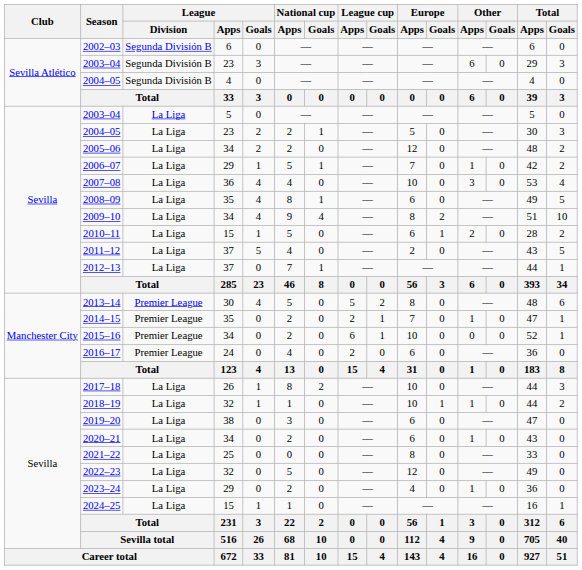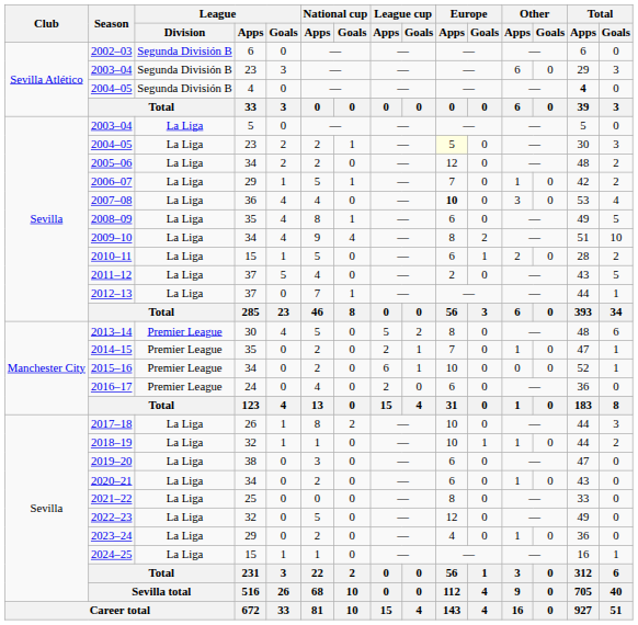 <table class="wikitable" style="text-align:center">
 <tr>
 <th rowspan="2">Club</th>
 <th rowspan="2">Season</th>
 <th colspan="3">League</th>
 <th colspan="2">National cup</th>
 <th colspan="2">League cup</th>
 <th colspan="2">Europe</th>
 <th colspan="2">Other</th>
 <th colspan="2">Total</th>
 </tr>
 <tr>
 <th>Division</th>
 <th>Apps</th>
 <th>Goals</th>
 <th>Apps</th>
 <th>Goals</th>
 <th>Apps</th>
 <th>Goals</th>
 <th>Apps</th>
 <th>Goals</th>
 <th>Apps</th>
 <th>Goals</th>
 <th>Apps</th>
 <th>Goals</th>
 </tr>
 <tr>
 <td rowspan="4"><a href='#'>Sevilla Atlético</a></td>
 <td><a href='#'>2002–03</a></td>
 <td><a href='#'>Segunda División B</a></td>
 <td>6</td>
 <td>0</td>
 <td colspan="2">—</td>
 <td colspan="2">—</td>
 <td colspan="2">—</td>
 <td colspan="2">—</td>
 <td>6</td>
 <td>0</td>
 </tr>
 <tr>
 <td><a href='#'>2003–04</a></td>
 <td>Segunda División B</td>
 <td>23</td>
 <td>3</td>
 <td colspan="2">—</td>
 <td colspan="2">—</td>
 <td colspan="2">—</td>
 <td>6</td>
 <td>0</td>
 <td>29</td>
 <td>3</td>
 </tr>
 <tr>
 <td><a href='#'>2004–05</a></td>
 <td>Segunda División B</td>
 <td>4</td>
 <td>0</td>
 <td colspan="2">—</td>
 <td colspan="2">—</td>
 <td colspan="2">—</td>
 <td colspan="2">—</td>
-<td>4</td>
+<td><strong>4</strong></td>
 <td>0</td>
 </tr>
 <tr>
 <th colspan="2">Total</th>
 <th>33</th>
 <th>3</th>
 <th>0</th>
 <th>0</th>
 <th>0</th>
 <th>0</th>
 <th>0</th>
 <th>0</th>
 <th>6</th>
 <th>0</th>
 <th>39</th>
 <th>3</th>
 </tr>
 <tr>
 <td rowspan="11"><a href='#'>Sevilla</a></td>
 <td><a href='#'>2003–04</a></td>
 <td><a href='#'>La Liga</a></td>
 <td>5</td>
 <td>0</td>
 <td colspan="2">—</td>
 <td colspan="2">—</td>
 <td colspan="2">—</td>
 <td colspan="2">—</td>
 <td>5</td>
 <td>0</td>
 </tr>
 <tr>
 <td><a href='#'>2004–05</a></td>
 <td>La Liga</td>
 <td>23</td>
 <td>2</td>
 <td>2</td>
 <td>1</td>
 <td colspan="2">—</td>
-<td>5</td>
+<td style="background: lightyellow;">5</td>
 <td>0</td>
 <td colspan="2">—</td>
 <td>30</td>
 <td>3</td>
 </tr>
 <tr>
 <td><a href='#'>2005–06</a></td>
 <td>La Liga</td>
 <td>34</td>
 <td>2</td>
 <td>2</td>
 <td>0</td>
 <td colspan="2">—</td>
 <td>12</td>
 <td>0</td>
 <td colspan="2">—</td>
 <td>48</td>
 <td>2</td>
 </tr>
 <tr>
 <td><a href='#'>2006–07</a></td>
 <td>La Liga</td>
 <td>29</td>
 <td>1</td>
 <td>5</td>
 <td>1</td>
 <td colspan="2">—</td>
 <td>7</td>
 <td>0</td>
 <td>1</td>
 <td>0</td>
 <td>42</td>
 <td>2</td>
 </tr>
 <tr>
 <td><a href='#'>2007–08</a></td>
 <td>La Liga</td>
 <td>36</td>
 <td>4</td>
 <td>4</td>
 <td>0</td>
 <td colspan="2">—</td>
-<td>10</td>
+<td><strong>10</strong></td>
 <td>0</td>
 <td>3</td>
 <td>0</td>
 <td>53</td>
 <td>4</td>
 </tr>
 <tr>
 <td><a href='#'>2008–09</a></td>
 <td>La Liga</td>
 <td>35</td>
 <td>4</td>
 <td>8</td>
 <td>1</td>
 <td colspan="2">—</td>
 <td>6</td>
 <td>0</td>
 <td colspan="2">—</td>
 <td>49</td>
 <td>5</td>
 </tr>
 <tr>
 <td><a href='#'>2009–10</a></td>
 <td>La Liga</td>
 <td>34</td>
 <td>4</td>
 <td>9</td>
 <td>4</td>
 <td colspan="2">—</td>
 <td>8</td>
 <td>2</td>
 <td colspan="2">—</td>
 <td>51</td>
 <td>10</td>
 </tr>
 <tr>
 <td><a href='#'>2010–11</a></td>
 <td>La Liga</td>
 <td>15</td>
 <td>1</td>
 <td>5</td>
 <td>0</td>
 <td colspan="2">—</td>
 <td>6</td>
 <td>1</td>
 <td>2</td>
 <td>0</td>
 <td>28</td>
 <td>2</td>
 </tr>
 <tr>
 <td><a href='#'>2011–12</a></td>
 <td>La Liga</td>
 <td>37</td>
 <td>5</td>
 <td>4</td>
 <td>0</td>
 <td colspan="2">—</td>
 <td>2</td>
 <td>0</td>
 <td colspan="2">—</td>
 <td>43</td>
 <td>5</td>
 </tr>
 <tr>
 <td><a href='#'>2012–13</a></td>
 <td>La Liga</td>
 <td>37</td>
 <td>0</td>
 <td>7</td>
 <td>1</td>
 <td colspan="2">—</td>
 <td colspan="2">—</td>
 <td colspan="2">—</td>
 <td>44</td>
 <td>1</td>
 </tr>
 <tr>
 <th colspan="2">Total</th>
 <th>285</th>
 <th>23</th>
 <th>46</th>
 <th>8</th>
 <th>0</th>
 <th>0</th>
 <th>56</th>
 <th>3</th>
 <th>6</th>
 <th>0</th>
 <th>393</th>
 <th>34</th>
 </tr>
 <tr>
 <td rowspan="5"><a href='#'>Manchester City</a></td>
 <td><a href='#'>2013–14</a></td>
 <td><a href='#'>Premier League</a></td>
 <td>30</td>
 <td>4</td>
 <td>5</td>
 <td>0</td>
 <td>5</td>
 <td>2</td>
 <td>8</td>
 <td>0</td>
 <td colspan="2">—</td>
 <td>48</td>
 <td>6</td>
 </tr>
 <tr>
 <td><a href='#'>2014–15</a></td>
 <td>Premier League</td>
 <td>35</td>
 <td>0</td>
 <td>2</td>
 <td>0</td>
 <td>2</td>
 <td>1</td>
 <td>7</td>
 <td>0</td>
 <td>1</td>
 <td>0</td>
 <td>47</td>
 <td>1</td>
 </tr>
 <tr>
 <td><a href='#'>2015–16</a></td>
 <td>Premier League</td>
 <td>34</td>
 <td>0</td>
 <td>2</td>
 <td>0</td>
 <td>6</td>
 <td>1</td>
 <td>10</td>
 <td>0</td>
 <td>0</td>
 <td>0</td>
 <td>52</td>
 <td>1</td>
 </tr>
 <tr>
 <td><a href='#'>2016–17</a></td>
 <td>Premier League</td>
 <td>24</td>
 <td>0</td>
 <td>4</td>
 <td>0</td>
 <td>2</td>
 <td>0</td>
 <td>6</td>
 <td>0</td>
 <td colspan="2">—</td>
 <td>36</td>
 <td>0</td>
 </tr>
 <tr>
 <th colspan="2">Total</th>
 <th>123</th>
 <th>4</th>
 <th>13</th>
 <th>0</th>
 <th>15</th>
 <th>4</th>
 <th>31</th>
 <th>0</th>
 <th>1</th>
 <th>0</th>
 <th>183</th>
 <th>8</th>
 </tr>
 <tr>
 <td rowspan="10">Sevilla</td>
 <td><a href='#'>2017–18</a></td>
 <td>La Liga</td>
 <td>26</td>
 <td>1</td>
 <td>8</td>
 <td>2</td>
 <td colspan="2">—</td>
 <td>10</td>
 <td>0</td>
 <td colspan="2">—</td>
 <td>44</td>
 <td>3</td>
 </tr>
 <tr>
 <td><a href='#'>2018–19</a></td>
 <td>La Liga</td>
 <td>32</td>
 <td>1</td>
 <td>1</td>
 <td>0</td>
 <td colspan="2">—</td>
 <td>10</td>
 <td>1</td>
 <td>1</td>
 <td>0</td>
 <td>44</td>
 <td>2</td>
 </tr>
 <tr>
 <td><a href='#'>2019–20</a></td>
 <td>La Liga</td>
 <td>38</td>
 <td>0</td>
 <td>3</td>
 <td>0</td>
 <td colspan="2">—</td>
 <td>6</td>
 <td>0</td>
 <td colspan="2">—</td>
 <td>47</td>
 <td>0</td>
 </tr>
 <tr>
 <td><a href='#'>2020–21</a></td>
 <td>La Liga</td>
 <td>34</td>
 <td>0</td>
 <td>2</td>
 <td>0</td>
 <td colspan="2">—</td>
 <td>6</td>
 <td>0</td>
 <td>1</td>
 <td>0</td>
 <td>43</td>
 <td>0</td>
 </tr>
 <tr>
 <td><a href='#'>2021–22</a></td>
 <td>La Liga</td>
 <td>25</td>
 <td>0</td>
 <td>0</td>
 <td>0</td>
 <td colspan="2">—</td>
 <td>8</td>
 <td>0</td>
 <td colspan="2">—</td>
 <td>33</td>
 <td>0</td>
 </tr>
 <tr>
 <td><a href='#'>2022–23</a></td>
 <td>La Liga</td>
 <td>32</td>
 <td>0</td>
 <td>5</td>
 <td>0</td>
 <td colspan="2">—</td>
 <td>12</td>
 <td>0</td>
 <td colspan="2">—</td>
 <td>49</td>
 <td>0</td>
 </tr>
 <tr>
 <td><a href='#'>2023–24</a></td>
 <td>La Liga</td>
 <td>29</td>
 <td>0</td>
 <td>2</td>
 <td>0</td>
 <td colspan="2">—</td>
 <td>4</td>
 <td>0</td>
 <td>1</td>
 <td>0</td>
 <td>36</td>
 <td>0</td>
 </tr>
 <tr>
 <td><a href='#'>2024–25</a></td>
 <td>La Liga</td>
 <td>15</td>
 <td>1</td>
 <td>1</td>
 <td>0</td>
 <td colspan="2">—</td>
 <td colspan="2">—</td>
 <td colspan="2">—</td>
 <td>16</td>
 <td>1</td>
 </tr>
 <tr>
 <th colspan="2">Total</th>
 <th>231</th>
 <th>3</th>
 <th>22</th>
 <th>2</th>
 <th>0</th>
 <th>0</th>
 <th>56</th>
 <th>1</th>
 <th>3</th>
 <th>0</th>
 <th>312</th>
 <th>6</th>
 </tr>
 <tr>
 <th colspan="2">Sevilla total</th>
 <th>516</th>
 <th>26</th>
 <th>68</th>
 <th>10</th>
 <th>0</th>
 <th>0</th>
 <th>112</th>
 <th>4</th>
 <th>9</th>
 <th>0</th>
 <th>705</th>
 <th>40</th>
 </tr>
 <tr>
 <th colspan="3">Career total</th>
 <th>672</th>
 <th>33</th>
 <th>81</th>
 <th>10</th>
 <th>15</th>
 <th>4</th>
 <th>143</th>
 <th>4</th>
 <th>16</th>
 <th>0</th>
 <th>927</th>
 <th>51</th>
 </tr>
 </table>
